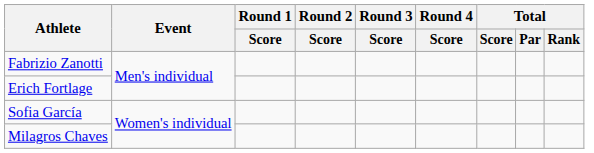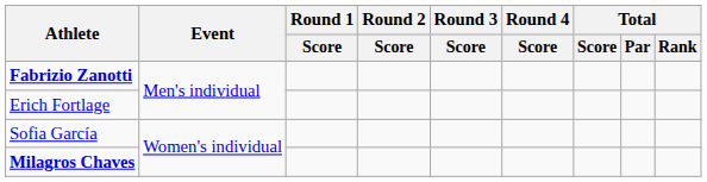 <table class=wikitable style=font-size:90%;text-align:center>
 <tr>
 <th rowspan=2>Athlete</th>
 <th rowspan=2>Event</th>
 <th>Round 1</th>
 <th>Round 2</th>
 <th>Round 3</th>
 <th>Round 4</th>
 <th colspan=3>Total</th>
 </tr>
 <tr style=font-size:95%>
 <th>Score</th>
 <th>Score</th>
 <th>Score</th>
 <th>Score</th>
 <th>Score</th>
 <th>Par</th>
 <th>Rank</th>
 </tr>
 <tr>
-<td align=left><a href='#'>Fabrizio Zanotti</a></td>
+<td align=left><strong><a href='#'>Fabrizio Zanotti</a></strong></td>
 <td align=left rowspan=2><a href='#'>Men's individual</a></td>
 <td></td>
 <td></td>
 <td></td>
 <td></td>
 <td></td>
 <td></td>
 <td></td>
 </tr>
 <tr>
 <td align=left><a href='#'>Erich Fortlage</a></td>
 <td></td>
 <td></td>
 <td></td>
 <td></td>
 <td></td>
 <td></td>
 <td></td>
 </tr>
 <tr>
 <td align=left><a href='#'>Sofia García</a></td>
 <td align=left rowspan=2><a href='#'>Women's individual</a></td>
 <td></td>
 <td></td>
 <td></td>
 <td></td>
 <td></td>
 <td></td>
 <td></td>
 </tr>
 <tr>
-<td align=left><a href='#'>Milagros Chaves</a></td>
+<td align=left><strong><a href='#'>Milagros Chaves</a></strong></td>
 <td></td>
 <td></td>
 <td></td>
 <td></td>
 <td></td>
 <td></td>
 <td></td>
 </tr>
 </table>
